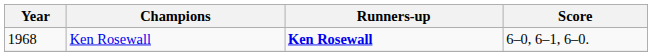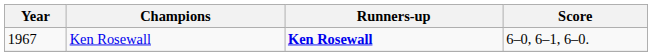 <table class="wikitable" style="font-size:98%;">
 <tr>
 <th style="width:60px;">Year</th>
 <th style="width:230px;">Champions</th>
 <th style="width:230px;">Runners-up</th>
 <th style="width:150px;">Score</th>
 </tr>
 <tr>
-<td>1968</td>
+<td>1967</td>
 <td> <a href='#'>Ken Rosewall</a></td>
 <td><strong> <a href='#'>Ken Rosewall</a></strong></td>
 <td>6–0, 6–1, 6–0.</td>
 </tr>
 <tr>
 </tr>
 </table>
